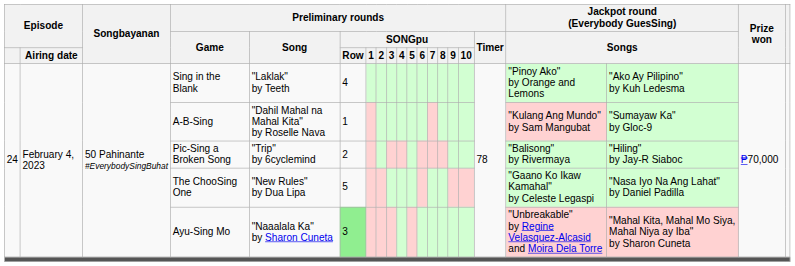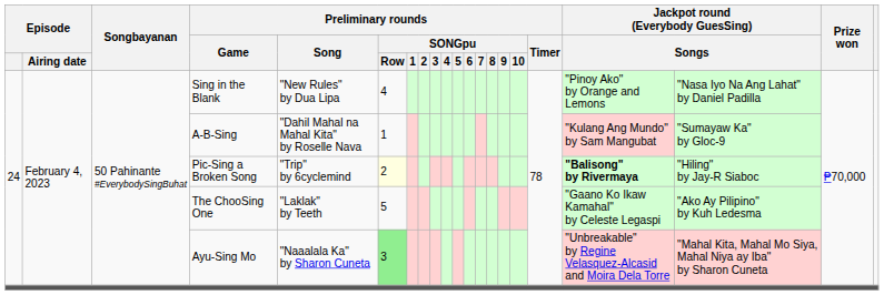 <table class="wikitable plainrowheaders mw-collapsible ">
 <tr>
 <th colspan="2" rowspan="2">Episode</th>
 <th rowspan="3">Songbayanan</th>
 <th colspan="14">Preliminary rounds</th>
 <th colspan="2">Jackpot round<br>(Everybody GuesSing)</th>
 <th rowspan="3">Prize won</th>
 <th rowspan="3"></th>
 </tr>
 <tr>
 <th rowspan="2">Game</th>
 <th rowspan="2">Song</th>
 <th colspan="11">SONGpu</th>
 <th rowspan="2">Timer</th>
 <th colspan="2" rowspan="2">Songs</th>
 </tr>
 <tr>
 <th></th>
 <th>Airing date</th>
 <th>Row</th>
 <th>1</th>
 <th>2</th>
 <th>3</th>
 <th>4</th>
 <th>5</th>
 <th>6</th>
 <th>7</th>
 <th>8</th>
 <th>9</th>
 <th>10</th>
 </tr>
 <tr>
 <td rowspan="5">24</td>
 <td rowspan="5">February 4, 2023</td>
 <td rowspan="5">50 Pahinante<br><small><em>#EverybodySingBuhat</em></small></td>
 <td>Sing in the Blank</td>
-<td>"Laklak"<br>by Teeth</td>
+<td>"New Rules"<br>by Dua Lipa</td>
 <td>4</td>
 <td style="background:#D2FFD2"></td>
 <td style="background:#D2FFD2"></td>
 <td style="background:#D2FFD2"></td>
 <td style="background:#D2FFD2"></td>
 <td style="background:#D2FFD2"></td>
 <td style="background:#D2FFD2"></td>
 <td style="background:#D2FFD2"></td>
 <td style="background:#D2FFD2"></td>
 <td style="background:#D2FFD2"></td>
 <td style="background:#D2FFD2"></td>
 <td rowspan="5">78 </td>
 <td style="background:#D2FFD2">"Pinoy Ako"<br>by Orange and Lemons</td>
-<td style="background:#D2FFD2">"Ako Ay Pilipino"<br>by Kuh Ledesma</td>
+<td style="background:#D2FFD2">"Nasa Iyo Na Ang Lahat"<br>by Daniel Padilla</td>
 <td rowspan="5"><a href='#'>₱</a>70,000</td>
 <td rowspan="5"></td>
 </tr>
 <tr>
 <td>A-B-Sing</td>
 <td>"Dahil Mahal na Mahal Kita"<br>by Roselle Nava</td>
 <td>1</td>
 <td style="background:#FFD2D2"></td>
 <td style="background:#D2FFD2"></td>
 <td style="background:#D2FFD2"></td>
 <td style="background:#D2FFD2"></td>
 <td style="background:#D2FFD2"></td>
 <td style="background:#D2FFD2"></td>
 <td style="background:#FFD2D2"></td>
 <td style="background:#D2FFD2"></td>
 <td style="background:#D2FFD2"></td>
 <td style="background:#D2FFD2"></td>
 <td style="background:#FFD2D2">"Kulang Ang Mundo"<br>by Sam Mangubat</td>
 <td style="background:#D2FFD2">"Sumayaw Ka"<br>by Gloc-9</td>
 </tr>
 <tr>
 <td>Pic-Sing a Broken Song</td>
 <td>"Trip"<br>by 6cyclemind</td>
-<td>2</td>
+<td style="background: lightyellow;">2</td>
 <td style="background:#FFD2D2"></td>
 <td style="background:#D2FFD2"></td>
 <td style="background:#FFD2D2"></td>
 <td style="background:#FFD2D2"></td>
 <td style="background:#D2FFD2"></td>
 <td style="background:#FFD2D2"></td>
 <td style="background:#FFD2D2"></td>
 <td style="background:#FFD2D2"></td>
 <td style="background:#D2FFD2"></td>
 <td style="background:#D2FFD2"></td>
-<td style="background:#D2FFD2">"Balisong"<br>by Rivermaya</td>
+<td style="background:#D2FFD2"><strong>"Balisong"<br>by Rivermaya</strong></td>
 <td style="background:#D2FFD2">"Hiling"<br>by Jay-R Siaboc</td>
 </tr>
 <tr>
 <td>The ChooSing One</td>
-<td>"New Rules"<br>by Dua Lipa</td>
+<td>"Laklak"<br>by Teeth</td>
 <td>5</td>
 <td style="background:#FFD2D2"></td>
 <td style="background:#FFD2D2"></td>
 <td style="background:#D2FFD2"></td>
 <td style="background:#D2FFD2"></td>
 <td style="background:#D2FFD2"></td>
 <td style="background:#FFD2D2"></td>
 <td style="background:#D2FFD2"></td>
 <td style="background:#D2FFD2"></td>
 <td style="background:#FFD2D2"></td>
 <td style="background:#FFD2D2"></td>
 <td style="background:#D2FFD2">"Gaano Ko Ikaw Kamahal"<br>by Celeste Legaspi</td>
-<td style="background:#D2FFD2">"Nasa Iyo Na Ang Lahat"<br>by Daniel Padilla</td>
+<td style="background:#D2FFD2">"Ako Ay Pilipino"<br>by Kuh Ledesma</td>
 </tr>
 <tr>
 <td>Ayu-Sing Mo</td>
 <td>"Naaalala Ka"<br>by <a href='#'>Sharon Cuneta</a></td>
 <td style="background: lightgreen;">3</td>
 <td style="background:#FFD2D2"></td>
 <td style="background:#FFD2D2"></td>
 <td style="background:#FFD2D2"></td>
 <td style="background:#D2FFD2"></td>
 <td style="background:#FFD2D2"></td>
 <td style="background:#D2FFD2"></td>
 <td style="background:#D2FFD2"></td>
 <td style="background:#D2FFD2"></td>
 <td style="background:#D2FFD2"></td>
 <td style="background:#D2FFD2"></td>
 <td style="background:#FFD2D2">"Unbreakable"<br>by <a href='#'>Regine Velasquez-Alcasid</a> <br>and <a href='#'>Moira Dela Torre</a></td>
 <td style="background:#FFD2D2">"Mahal Kita, Mahal Mo Siya, Mahal Niya ay Iba"<br>by Sharon Cuneta</td>
 </tr>
 <tr>
 <th colspan="21" style="background:#555;"></th>
 </tr>
 </table>
